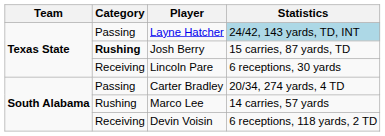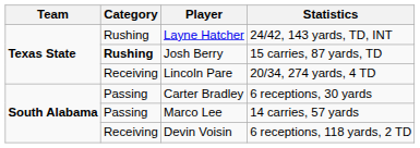 <table class="wikitable" style="float: right;">
 <tr>
 <th>Team</th>
 <th>Category</th>
 <th>Player</th>
 <th>Statistics</th>
 </tr>
 <tr>
 <td rowspan=3><strong>Texas State</strong></td>
-<td>Passing</td>
+<td>Rushing</td>
 <td><a href='#'>Layne Hatcher</a></td>
-<td style="background: lightblue;">24/42, 143 yards, TD, INT</td>
+<td>24/42, 143 yards, TD, INT</td>
 </tr>
 <tr>
 <td><strong>Rushing</strong></td>
 <td>Josh Berry</td>
 <td>15 carries, 87 yards, TD</td>
 </tr>
 <tr>
 <td>Receiving</td>
 <td>Lincoln Pare</td>
-<td>6 receptions, 30 yards</td>
+<td>20/34, 274 yards, 4 TD</td>
 </tr>
 <tr>
 <td rowspan=3><strong>South Alabama</strong></td>
 <td>Passing</td>
 <td>Carter Bradley</td>
-<td>20/34, 274 yards, 4 TD</td>
+<td>6 receptions, 30 yards</td>
 </tr>
 <tr>
-<td>Rushing</td>
+<td>Passing</td>
 <td>Marco Lee</td>
 <td>14 carries, 57 yards</td>
 </tr>
 <tr>
 <td>Receiving</td>
 <td>Devin Voisin</td>
 <td>6 receptions, 118 yards, 2 TD</td>
 </tr>
 </table>
